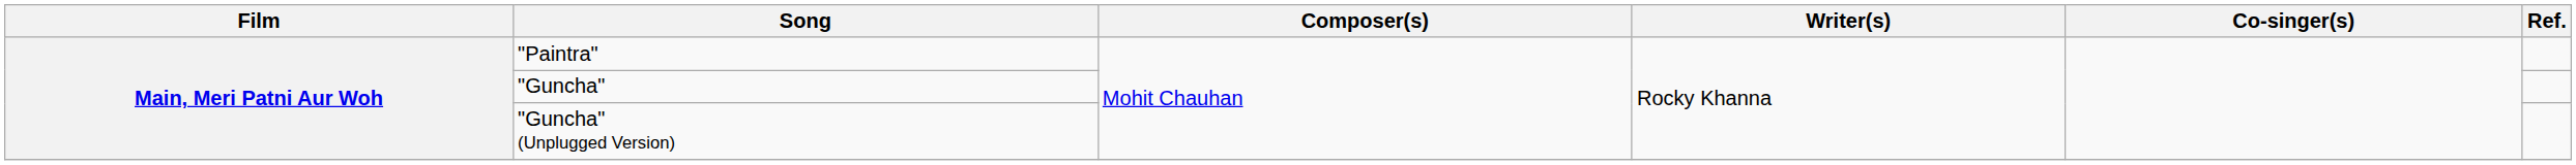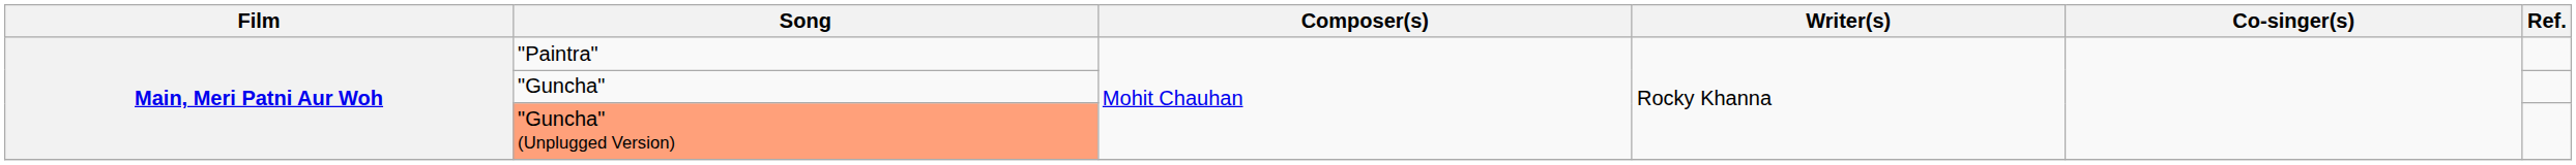 <table class="wikitable plainrowheaders" width="100%" "textcolor:#000;">
 <tr>
 <th scope="col" width=20%><strong>Film</strong></th>
 <th scope="col" width=23%><strong>Song</strong></th>
 <th scope="col" width=21%><strong>Composer(s)</strong></th>
 <th scope="col" width=17%><strong>Writer(s)</strong></th>
 <th scope="col" width=18%><strong>Co-singer(s)</strong></th>
 <th scope="col" width=1%><strong>Ref.</strong></th>
 </tr>
 <tr>
 <th rowspan="3"><strong><a href='#'>Main, Meri Patni Aur Woh</a></strong></th>
 <td>"Paintra"</td>
 <td rowspan="3"><a href='#'>Mohit Chauhan</a></td>
 <td rowspan="3">Rocky Khanna</td>
 <td rowspan="3"></td>
 <td></td>
 </tr>
 <tr>
 <td>"Guncha"</td>
 <td></td>
 </tr>
 <tr>
-<td>"Guncha"<br><small>(Unplugged Version)</small></td>
+<td style="background: lightsalmon;">"Guncha"<br><small>(Unplugged Version)</small></td>
 <td></td>
 </tr>
 <tr>
 </tr>
 </table>
